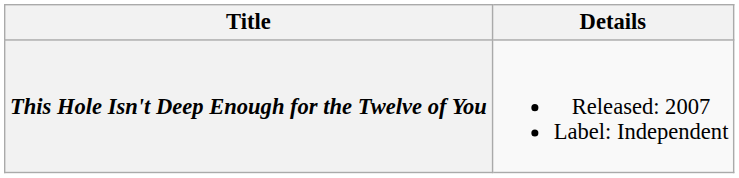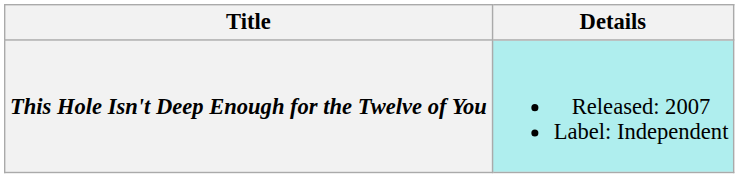 <table class="wikitable plainrowheaders" style="text-align:center;">
 <tr>
 <th>Title</th>
 <th>Details</th>
 </tr>
 <tr>
 <th scope="row"><em>This Hole Isn't Deep Enough for the Twelve of You</em></th>
-<td><br><ul><li>Released: 2007</li><li>Label: Independent</li></ul></td>
+<td style="background: paleturquoise;"><br><ul><li>Released: 2007</li><li>Label: Independent</li></ul></td>
 </tr>
 </table>
